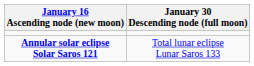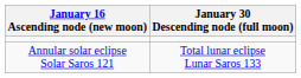 <table class="wikitable">
 <tr>
 <th><a href='#'>January 16</a><br>Ascending node (new moon)<br></th>
 <th>January 30<br>Descending node (full moon)<br></th>
 </tr>
 <tr>
 <td></td>
 <td></td>
 </tr>
 <tr align=center>
-<td><strong><a href='#'>Annular solar eclipse</a><br><a href='#'>Solar Saros 121</a></strong></td>
+<td><a href='#'>Annular solar eclipse</a><br><a href='#'>Solar Saros 121</a></td>
 <td><a href='#'>Total lunar eclipse</a><br><a href='#'>Lunar Saros 133</a></td>
 </tr>
 </table>
